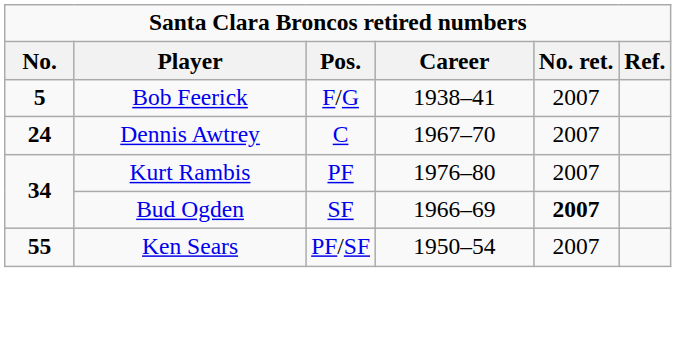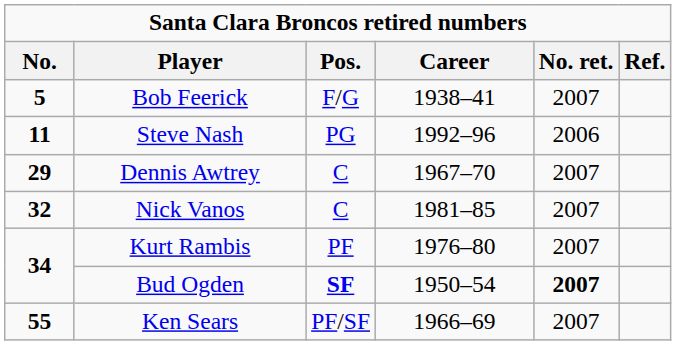 <table class="wikitable sortable" style="text-align:center">
 <tr>
 <td colspan=6><strong>Santa Clara Broncos retired numbers</strong></td>
 </tr>
 <tr>
 <th width=40px>No.</th>
 <th width=150px>Player</th>
 <th width=40px>Pos.</th>
 <th width=100px>Career</th>
 <th width=px>No. ret.</th>
 <th width=px>Ref.</th>
 </tr>
 <tr>
 <td><strong>5</strong></td>
 <td><a href='#'>Bob Feerick</a></td>
 <td><a href='#'>F</a>/<a href='#'>G</a></td>
 <td>1938–41</td>
 <td>2007</td>
 <td></td>
 </tr>
 <tr>
-<td><strong>24</strong></td>
+<td><strong>11</strong></td>
+<td><a href='#'>Steve Nash</a></td>
+<td><a href='#'>PG</a></td>
+<td>1992–96</td>
+<td>2006</td>
+<td></td>
+</tr>
+<tr>
+<td><strong>29</strong></td>
 <td><a href='#'>Dennis Awtrey</a></td>
 <td><a href='#'>C</a></td>
 <td>1967–70</td>
+<td>2007</td>
+<td></td>
+</tr>
+<tr>
+<td><strong>32</strong></td>
+<td><a href='#'>Nick Vanos</a></td>
+<td><a href='#'>C</a></td>
+<td>1981–85</td>
 <td>2007</td>
 <td></td>
 </tr>
 <tr>
 <td rowspan=2><strong>34</strong></td>
 <td><a href='#'>Kurt Rambis</a></td>
 <td><a href='#'>PF</a></td>
 <td>1976–80</td>
 <td>2007</td>
 <td></td>
 </tr>
 <tr>
 <td><a href='#'>Bud Ogden</a></td>
-<td><a href='#'>SF</a></td>
-<td>1966–69</td>
+<td><strong><a href='#'>SF</a></strong></td>
+<td>1950–54</td>
 <td><strong>2007</strong></td>
 <td></td>
 </tr>
 <tr>
 <td><strong>55</strong></td>
 <td><a href='#'>Ken Sears</a></td>
 <td><a href='#'>PF</a>/<a href='#'>SF</a></td>
-<td>1950–54</td>
+<td>1966–69</td>
 <td>2007</td>
 <td></td>
 </tr>
 </table>
